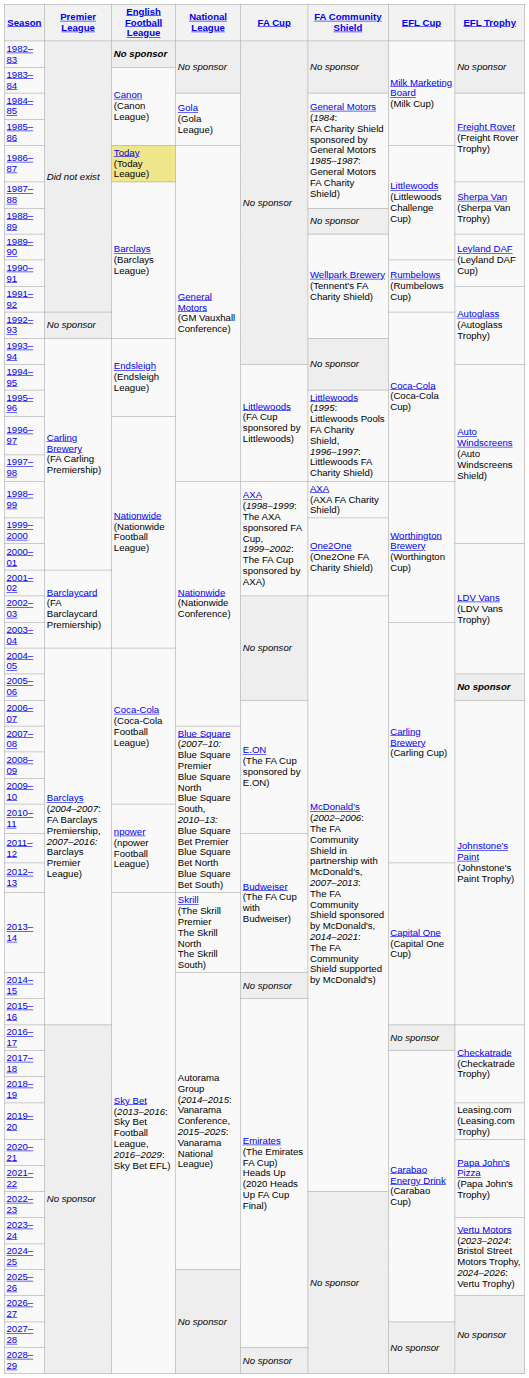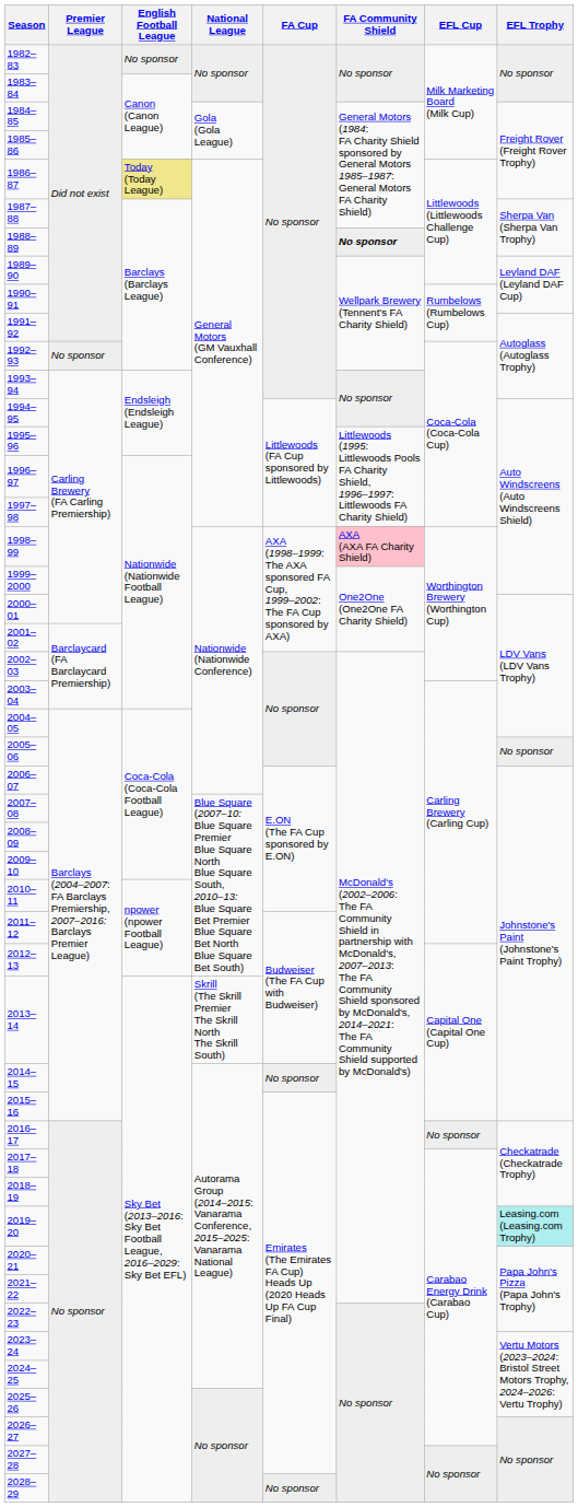 <table class="wikitable">
 <tr>
 <th><a href='#'>Season</a></th>
 <th><a href='#'>Premier League</a></th>
 <th><a href='#'>English Football League</a></th>
 <th><a href='#'>National League</a></th>
 <th><a href='#'>FA Cup</a></th>
 <th><a href='#'>FA Community Shield</a></th>
 <th><a href='#'>EFL Cup</a></th>
 <th><a href='#'>EFL Trophy</a></th>
 </tr>
 <tr>
 <td><a href='#'>1982–83</a></td>
 <td rowspan="10" style="background:#eee;"><em>Did not exist</em></td>
-<td style="background:#eee;"><strong><em>No sponsor</em></strong></td>
+<td style="background:#eee;"><em>No sponsor</em></td>
 <td rowspan="2" style="background:#eee;"><em>No sponsor</em></td>
 <td rowspan="12" style="background:#eee;"><em>No sponsor</em></td>
 <td rowspan="2" style="background:#eee;"><em>No sponsor</em></td>
 <td rowspan=4><a href='#'>Milk Marketing Board</a><br>(Milk Cup)</td>
 <td rowspan="2" style="background:#eee;"><em>No sponsor</em></td>
 </tr>
 <tr>
 <td><a href='#'>1983–84</a></td>
 <td rowspan=3><a href='#'>Canon</a><br>(Canon League)</td>
 </tr>
 <tr>
 <td><a href='#'>1984–85</a></td>
 <td rowspan=2><a href='#'>Gola</a><br>(Gola League)</td>
 <td rowspan=4><a href='#'>General Motors</a><br>(<em>1984</em>:<br>FA Charity Shield sponsored by General Motors<br><em>1985–1987</em>:<br>General Motors FA Charity Shield)</td>
 <td rowspan=3><a href='#'>Freight Rover</a><br>(Freight Rover Trophy)</td>
 </tr>
 <tr>
 <td><a href='#'>1985–86</a></td>
 </tr>
 <tr>
 <td><a href='#'>1986–87</a></td>
 <td style="background: khaki;"><a href='#'>Today</a><br>(Today League)</td>
 <td rowspan=12><a href='#'>General Motors</a><br>(GM Vauxhall Conference)</td>
 <td rowspan=4><a href='#'>Littlewoods</a><br>(Littlewoods Challenge Cup)</td>
 </tr>
 <tr>
 <td><a href='#'>1987–88</a></td>
 <td rowspan=6><a href='#'>Barclays</a><br>(Barclays League)</td>
 <td rowspan=2><a href='#'>Sherpa Van</a><br>(Sherpa Van Trophy)</td>
 </tr>
 <tr>
 <td><a href='#'>1988–89</a></td>
-<td style="background:#eee;"><em>No sponsor</em></td>
+<td style="background:#eee;"><strong><em>No sponsor</em></strong></td>
 </tr>
 <tr>
 <td><a href='#'>1989–90</a></td>
 <td rowspan=4><a href='#'>Wellpark Brewery</a><br>(Tennent's FA Charity Shield)</td>
 <td rowspan=2><a href='#'>Leyland DAF</a><br>(Leyland DAF Cup)</td>
 </tr>
 <tr>
 <td><a href='#'>1990–91</a></td>
 <td rowspan=2><a href='#'>Rumbelows</a><br>(Rumbelows Cup)</td>
 </tr>
 <tr>
 <td><a href='#'>1991–92</a></td>
 <td rowspan=3><a href='#'>Autoglass</a><br>(Autoglass Trophy)</td>
 </tr>
 <tr>
 <td><a href='#'>1992–93</a></td>
 <td style="background:#eee;"><em>No sponsor</em></td>
 <td rowspan=6><a href='#'>Coca-Cola</a><br>(Coca-Cola Cup)</td>
 </tr>
 <tr>
 <td><a href='#'>1993–94</a></td>
 <td rowspan=8><a href='#'>Carling Brewery</a><br>(FA Carling Premiership)</td>
 <td rowspan=3><a href='#'>Endsleigh</a><br>(Endsleigh League)</td>
 <td rowspan="2" style="background:#eee;"><em>No sponsor</em></td>
 </tr>
 <tr>
 <td><a href='#'>1994–95</a></td>
 <td rowspan=4><a href='#'>Littlewoods</a><br>(FA Cup sponsored by Littlewoods)</td>
 <td rowspan=6><a href='#'>Auto Windscreens</a><br>(Auto Windscreens Shield)</td>
 </tr>
 <tr>
 <td><a href='#'>1995–96</a></td>
 <td rowspan=3><a href='#'>Littlewoods</a><br>(<em>1995</em>:<br>Littlewoods Pools FA Charity Shield,<br><em>1996–1997</em>:<br>Littlewoods FA Charity Shield)</td>
 </tr>
 <tr>
 <td><a href='#'>1996–97</a></td>
 <td rowspan=8><a href='#'>Nationwide</a><br>(Nationwide Football League)</td>
 </tr>
 <tr>
 <td><a href='#'>1997–98</a></td>
 </tr>
 <tr>
 <td><a href='#'>1998–99</a></td>
 <td rowspan=9><a href='#'>Nationwide</a><br>(Nationwide Conference)</td>
 <td rowspan=4><a href='#'>AXA</a><br>(<em>1998–1999</em>:<br>The AXA sponsored FA Cup,<br><em>1999–2002</em>:<br>The FA Cup sponsored by AXA)</td>
-<td><a href='#'>AXA</a><br>(AXA FA Charity Shield)</td>
+<td style="background: pink;"><a href='#'>AXA</a><br>(AXA FA Charity Shield)</td>
 <td rowspan=5><a href='#'>Worthington Brewery</a><br>(Worthington Cup)</td>
 </tr>
 <tr>
 <td><a href='#'>1999–2000</a></td>
 <td rowspan=3><a href='#'>One2One</a><br>(One2One FA Charity Shield)</td>
 </tr>
 <tr>
 <td><a href='#'>2000–01</a></td>
 <td rowspan=5><a href='#'>LDV Vans</a><br>(LDV Vans Trophy)</td>
 </tr>
 <tr>
 <td><a href='#'>2001–02</a></td>
 <td rowspan=3><a href='#'>Barclaycard</a><br>(FA Barclaycard Premiership)</td>
 </tr>
 <tr>
 <td><a href='#'>2002–03</a></td>
 <td rowspan="4" style="background:#eee;"><em>No sponsor</em></td>
 <td rowspan=20><a href='#'>McDonald's</a><br>(<em>2002–2006</em>:<br>The FA Community Shield in partnership with McDonald's,<br><em>2007–2013</em>:<br>The FA Community Shield sponsored by McDonald's,<br><em>2014–2021</em>:<br>The FA Community Shield supported by McDonald's)</td>
 </tr>
 <tr>
 <td><a href='#'>2003–04</a></td>
 <td rowspan=9><a href='#'>Carling Brewery</a><br>(Carling Cup)</td>
 </tr>
 <tr>
 <td><a href='#'>2004–05</a></td>
 <td rowspan=12><a href='#'>Barclays</a><br>(<em>2004–2007</em>:<br>FA Barclays Premiership,<br><em>2007–2016:</em><br>Barclays Premier League)</td>
 <td rowspan=6><a href='#'>Coca-Cola</a><br>(Coca-Cola Football League)</td>
 </tr>
 <tr>
 <td><a href='#'>2005–06</a></td>
-<td style="background:#eee;"><strong><em>No sponsor</em></strong></td>
+<td style="background:#eee;"><em>No sponsor</em></td>
 </tr>
 <tr>
 <td><a href='#'>2006–07</a></td>
 <td rowspan=5><a href='#'>E.ON</a><br>(The FA Cup sponsored by E.ON)</td>
 <td rowspan=10><a href='#'>Johnstone's Paint</a><br>(Johnstone's Paint Trophy)</td>
 </tr>
 <tr>
 <td><a href='#'>2007–08</a></td>
 <td rowspan=6><a href='#'>Blue Square</a><br>(<em>2007–10:<br></em>Blue Square Premier<br>Blue Square North<br>Blue Square South,<br><em>2010–13:</em><br>Blue Square Bet Premier<br>Blue Square Bet North<br>Blue Square Bet South)</td>
 </tr>
 <tr>
 <td><a href='#'>2008–09</a></td>
 </tr>
 <tr>
 <td><a href='#'>2009–10</a></td>
 </tr>
 <tr>
 <td><a href='#'>2010–11</a></td>
 <td rowspan=3><a href='#'>npower</a><br>(npower Football League)</td>
 </tr>
 <tr>
 <td><a href='#'>2011–12</a></td>
 <td rowspan=3><a href='#'>Budweiser</a><br>(The FA Cup with Budweiser)</td>
 </tr>
 <tr>
 <td><a href='#'>2012–13</a></td>
 <td rowspan=4><a href='#'>Capital One</a><br>(Capital One Cup)</td>
 </tr>
 <tr>
 <td><a href='#'>2013–14</a></td>
 <td rowspan=16><a href='#'>Sky Bet</a><br>(<em>2013–2016</em>:<br>Sky Bet Football League,<br><em>2016–2029</em>:<br>Sky Bet EFL)</td>
 <td><a href='#'>Skrill</a><br>(The Skrill Premier<br>The Skrill North<br>The Skrill South)</td>
 </tr>
 <tr>
 <td><a href='#'>2014–15</a></td>
 <td rowspan=11>Autorama Group<br>(<em>2014–2015</em>:<br>Vanarama Conference,<br><em>2015–2025</em>:<br>Vanarama National League)</td>
 <td style="background:#eee;"><em>No sponsor</em></td>
 </tr>
 <tr>
 <td><a href='#'>2015–16</a></td>
 <td rowspan=13><a href='#'>Emirates</a><br>(The Emirates FA Cup)<br>Heads Up<br>(2020 Heads Up FA Cup Final)</td>
 </tr>
 <tr>
 <td><a href='#'>2016–17</a></td>
 <td rowspan="13" style="background:#eee;"><em>No sponsor</em></td>
 <td style="background:#eee;"><em>No sponsor</em></td>
 <td rowspan="3"><a href='#'>Checkatrade</a><br>(Checkatrade Trophy)</td>
 </tr>
 <tr>
 <td><a href='#'>2017–18</a></td>
 <td rowspan="10"><a href='#'>Carabao Energy Drink</a><br>(Carabao Cup)</td>
 </tr>
 <tr>
 <td><a href='#'>2018–19</a></td>
 </tr>
 <tr>
 <td><a href='#'>2019–20</a></td>
-<td rowspan="1">Leasing.com<br>(Leasing.com Trophy)</td>
+<td rowspan="1" style="background: paleturquoise;">Leasing.com<br>(Leasing.com Trophy)</td>
 </tr>
 <tr>
 <td><a href='#'>2020–21</a></td>
 <td rowspan="3"><a href='#'>Papa John's Pizza</a><br>(Papa John's Trophy)</td>
 </tr>
 <tr>
 <td><a href='#'>2021–22</a></td>
 </tr>
 <tr>
 <td><a href='#'>2022–23</a></td>
 <td rowspan="7" style="background:#eee;"><em>No sponsor</em></td>
 </tr>
 <tr>
 <td><a href='#'>2023–24</a></td>
 <td rowspan="3"><a href='#'>Vertu Motors</a><br>(<em>2023–2024</em>:<br>Bristol Street Motors Trophy,<br><em>2024–2026</em>:<br>Vertu Trophy)</td>
 </tr>
 <tr>
 <td><a href='#'>2024–25</a></td>
 </tr>
 <tr>
 <td><a href='#'>2025–26</a></td>
 <td rowspan="4" style="background:#eee;"><em>No sponsor</em></td>
 </tr>
 <tr>
 <td><a href='#'>2026–27</a></td>
 <td rowspan="3" style="background:#eee;"><em>No sponsor</em></td>
 </tr>
 <tr>
 <td><a href='#'>2027–28</a></td>
 <td rowspan="2" style="background:#eee;"><em>No sponsor</em></td>
 </tr>
 <tr>
 <td><a href='#'>2028–29</a></td>
 <td rowspan="1" style="background:#eee;"><em>No sponsor</em></td>
 </tr>
 </table>
